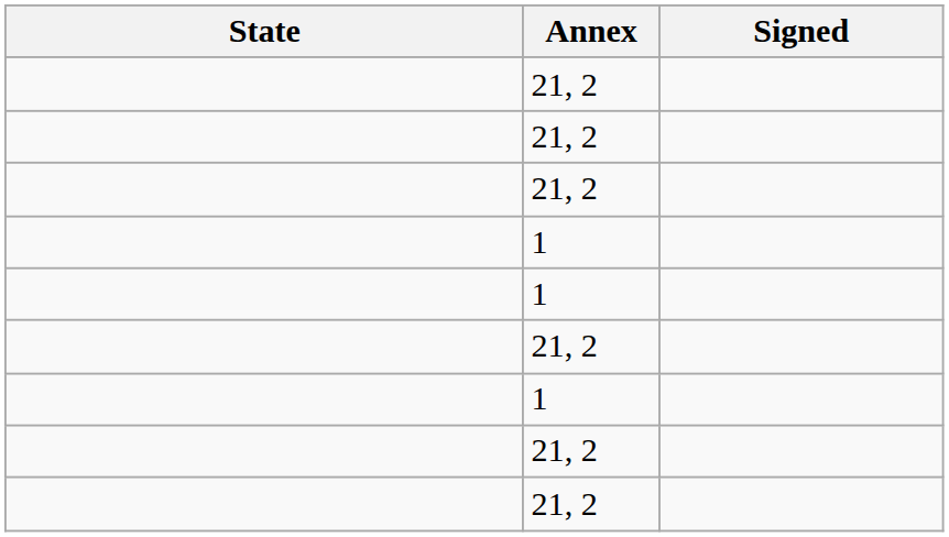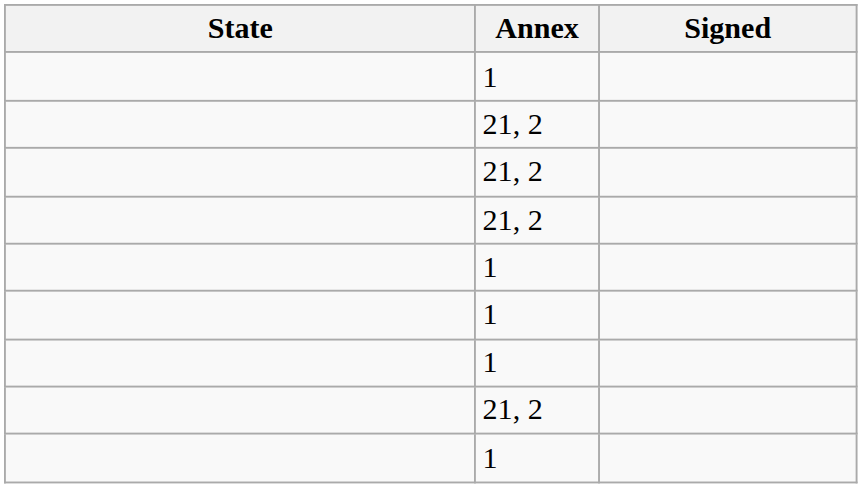 <table class="wikitable sortable">
 <tr>
 <th scope="col" width="243">State</th>
 <th scope="col" width="58">Annex</th>
 <th scope="col" width="130">Signed</th>
+</tr>
+<tr>
+<td></td>
+<td>1</td>
+<td></td>
 </tr>
 <tr>
 <td></td>
 <td><span>2</span>1, 2</td>
 <td></td>
 </tr>
 <tr>
 <td></td>
 <td><span>2</span>1, 2</td>
 <td></td>
 </tr>
 <tr>
 <td></td>
 <td><span>2</span>1, 2</td>
 <td></td>
 </tr>
 <tr>
 <td></td>
 <td>1</td>
 <td></td>
 </tr>
 <tr>
 <td></td>
 <td>1</td>
 <td></td>
 </tr>
 <tr>
 <td></td>
-<td><span>2</span>1, 2</td>
-<td></td>
-</tr>
-<tr>
-<td></td>
 <td>1</td>
 <td></td>
 </tr>
 <tr>
 <td></td>
 <td><span>2</span>1, 2</td>
 <td></td>
 </tr>
 <tr>
 <td></td>
-<td><span>2</span>1, 2</td>
+<td>1</td>
 <td></td>
 </tr>
 </table>
